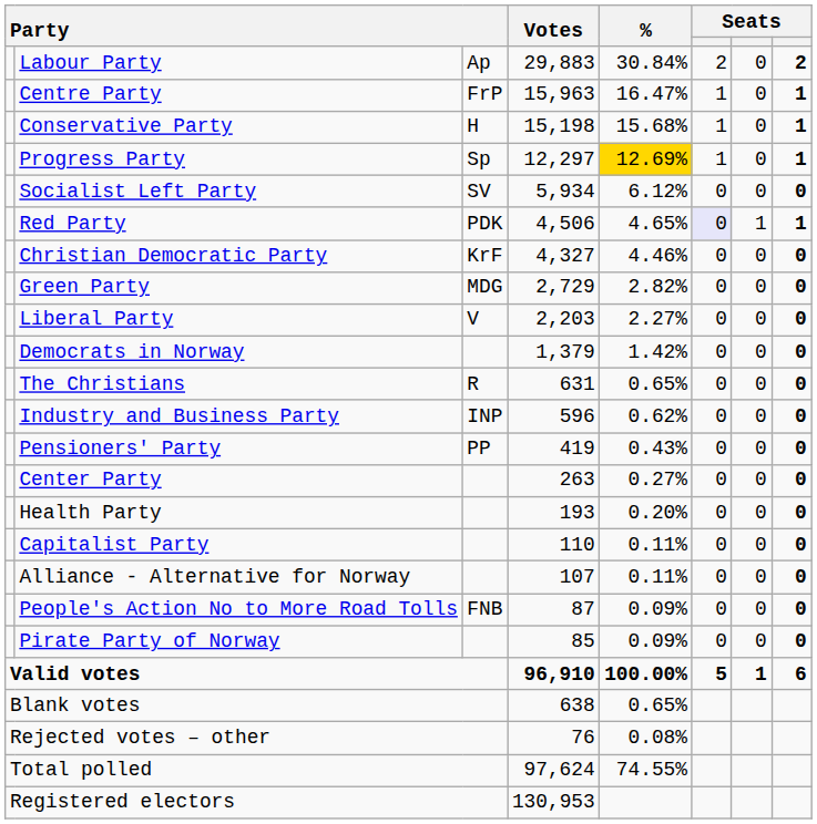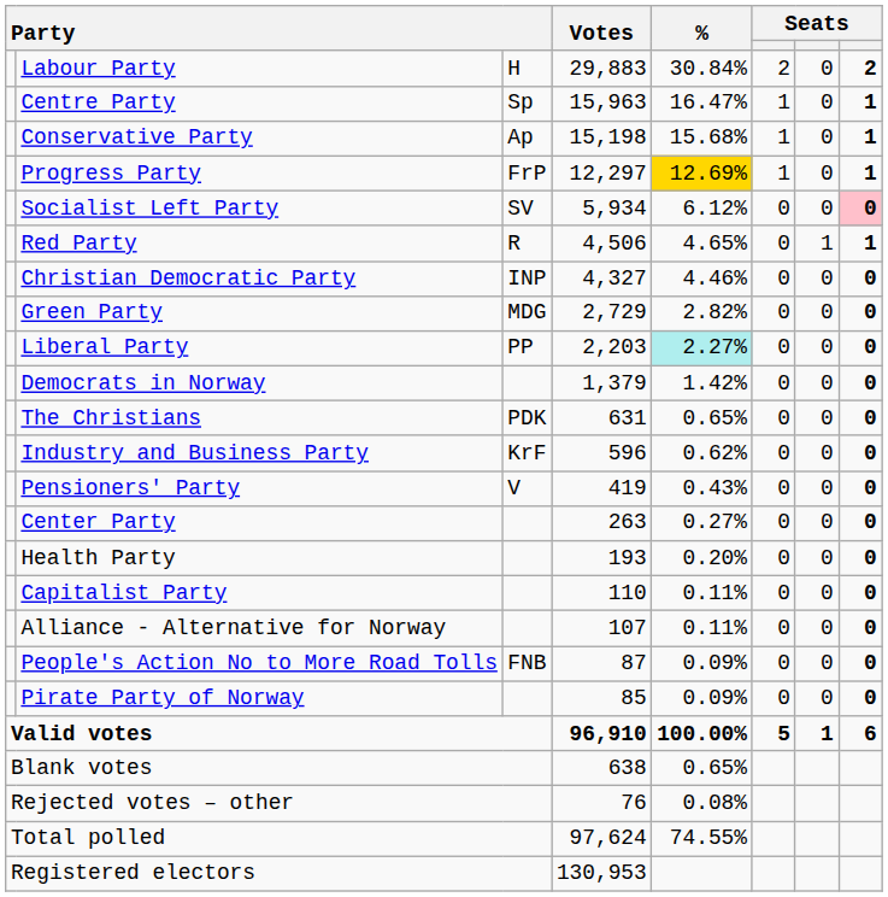 <table class="wikitable" border="1" style="text-align:right;">
 <tr>
 <th style="text-align:left;" valign=bottom rowspan=2 colspan=3>Party</th>
 <th align=center valign=bottom rowspan=2 width="50">Votes</th>
 <th align=center valign=bottom rowspan=2 width="50">%</th>
 <th colspan=3>Seats</th>
 </tr>
 <tr>
 <th align=center valign=bottom width="20"><small></small></th>
 <th align=center valign=bottom width="20"><small><a href='#'></a></small></th>
 <th align=center valign=bottom width="20"><small></small></th>
 </tr>
 <tr>
 <td style="color:inherit;background:"></td>
 <td align=left><a href='#'>Labour Party</a></td>
-<td align=left>Ap</td>
+<td align=left>H</td>
 <td>29,883</td>
 <td>30.84%</td>
 <td>2</td>
 <td>0</td>
 <td><strong>2</strong></td>
 </tr>
 <tr>
 <td style="color:inherit;background:"></td>
 <td align=left><a href='#'>Centre Party</a></td>
-<td align=left>FrP</td>
+<td align=left>Sp</td>
 <td>15,963</td>
 <td>16.47%</td>
 <td>1</td>
 <td>0</td>
 <td><strong>1</strong></td>
 </tr>
 <tr>
 <td style="color:inherit;background:"></td>
 <td align=left><a href='#'>Conservative Party</a></td>
-<td align=left>H</td>
+<td align=left>Ap</td>
 <td>15,198</td>
 <td>15.68%</td>
 <td>1</td>
 <td>0</td>
 <td><strong>1</strong></td>
 </tr>
 <tr>
 <td style="color:inherit;background:"></td>
 <td align=left><a href='#'>Progress Party</a></td>
-<td align=left>Sp</td>
+<td align=left>FrP</td>
 <td>12,297</td>
 <td style="background: gold;">12.69%</td>
 <td>1</td>
 <td>0</td>
 <td><strong>1</strong></td>
 </tr>
 <tr>
 <td style="color:inherit;background:"></td>
 <td align=left><a href='#'>Socialist Left Party</a></td>
 <td align=left>SV</td>
 <td>5,934</td>
 <td>6.12%</td>
 <td>0</td>
 <td>0</td>
-<td><strong>0</strong></td>
+<td style="background: pink;"><strong>0</strong></td>
 </tr>
 <tr>
 <td style="color:inherit;background:"></td>
 <td align=left><a href='#'>Red Party</a></td>
-<td align=left>PDK</td>
+<td align=left>R</td>
 <td>4,506</td>
 <td>4.65%</td>
-<td style="background: lavender;">0</td>
+<td>0</td>
 <td>1</td>
 <td><strong>1</strong></td>
 </tr>
 <tr>
 <td style="color:inherit;background:"></td>
 <td align=left><a href='#'>Christian Democratic Party</a></td>
-<td align=left>KrF</td>
+<td align=left>INP</td>
 <td>4,327</td>
 <td>4.46%</td>
 <td>0</td>
 <td>0</td>
 <td><strong>0</strong></td>
 </tr>
 <tr>
 <td style="color:inherit;background:"></td>
 <td align=left><a href='#'>Green Party</a></td>
 <td align=left>MDG</td>
 <td>2,729</td>
 <td>2.82%</td>
 <td>0</td>
 <td>0</td>
 <td><strong>0</strong></td>
 </tr>
 <tr>
 <td style="color:inherit;background:"></td>
 <td align=left><a href='#'>Liberal Party</a></td>
-<td align=left>V</td>
+<td align=left>PP</td>
 <td>2,203</td>
-<td>2.27%</td>
+<td style="background: paleturquoise;">2.27%</td>
 <td>0</td>
 <td>0</td>
 <td><strong>0</strong></td>
 </tr>
 <tr>
 <td style="color:inherit;background:"></td>
 <td align=left><a href='#'>Democrats in Norway</a></td>
 <td align=left></td>
 <td>1,379</td>
 <td>1.42%</td>
 <td>0</td>
 <td>0</td>
 <td><strong>0</strong></td>
 </tr>
 <tr>
 <td style="color:inherit;background:"></td>
 <td align=left><a href='#'>The Christians</a></td>
-<td align=left>R</td>
+<td align=left>PDK</td>
 <td>631</td>
 <td>0.65%</td>
 <td>0</td>
 <td>0</td>
 <td><strong>0</strong></td>
 </tr>
 <tr>
 <td style="color:inherit;background:"></td>
 <td align=left><a href='#'>Industry and Business Party</a></td>
-<td align=left>INP</td>
+<td align=left>KrF</td>
 <td>596</td>
 <td>0.62%</td>
 <td>0</td>
 <td>0</td>
 <td><strong>0</strong></td>
 </tr>
 <tr>
 <td style="color:inherit;background:"></td>
 <td align=left><a href='#'>Pensioners' Party</a></td>
-<td align=left>PP</td>
+<td align=left>V</td>
 <td>419</td>
 <td>0.43%</td>
 <td>0</td>
 <td>0</td>
 <td><strong>0</strong></td>
 </tr>
 <tr>
 <td style="color:inherit;background:"></td>
 <td align=left><a href='#'>Center Party</a></td>
 <td align=left></td>
 <td>263</td>
 <td>0.27%</td>
 <td>0</td>
 <td>0</td>
 <td><strong>0</strong></td>
 </tr>
 <tr>
 <td></td>
 <td align=left>Health Party</td>
 <td align=left></td>
 <td>193</td>
 <td>0.20%</td>
 <td>0</td>
 <td>0</td>
 <td><strong>0</strong></td>
 </tr>
 <tr>
 <td style="color:inherit;background:"></td>
 <td align=left><a href='#'>Capitalist Party</a></td>
 <td align=left></td>
 <td>110</td>
 <td>0.11%</td>
 <td>0</td>
 <td>0</td>
 <td><strong>0</strong></td>
 </tr>
 <tr>
 <td></td>
 <td align=left>Alliance - Alternative for Norway</td>
 <td align=left></td>
 <td>107</td>
 <td>0.11%</td>
 <td>0</td>
 <td>0</td>
 <td><strong>0</strong></td>
 </tr>
 <tr>
 <td style="color:inherit;background:"></td>
 <td align=left><a href='#'>People's Action No to More Road Tolls</a></td>
 <td align=left>FNB</td>
 <td>87</td>
 <td>0.09%</td>
 <td>0</td>
 <td>0</td>
 <td><strong>0</strong></td>
 </tr>
 <tr>
 <td style="color:inherit;background:"></td>
 <td align=left><a href='#'>Pirate Party of Norway</a></td>
 <td align=left></td>
 <td>85</td>
 <td>0.09%</td>
 <td>0</td>
 <td>0</td>
 <td><strong>0</strong></td>
 </tr>
 <tr style="font-weight:bold">
 <td align=left colspan=3>Valid votes</td>
 <td>96,910</td>
 <td>100.00%</td>
 <td>5</td>
 <td>1</td>
 <td>6</td>
 </tr>
 <tr>
 <td align=left colspan=3>Blank votes</td>
 <td>638</td>
 <td>0.65%</td>
 <td></td>
 <td></td>
 <td></td>
 </tr>
 <tr>
 <td align=left colspan=3>Rejected votes – other</td>
 <td>76</td>
 <td>0.08%</td>
 <td></td>
 <td></td>
 <td></td>
 </tr>
 <tr>
 <td align=left colspan=3>Total polled</td>
 <td>97,624</td>
 <td>74.55%</td>
 <td></td>
 <td></td>
 <td></td>
 </tr>
 <tr>
 <td align=left colspan=3>Registered electors</td>
 <td>130,953</td>
 <td></td>
 <td></td>
 <td></td>
 <td></td>
 </tr>
 </table>
